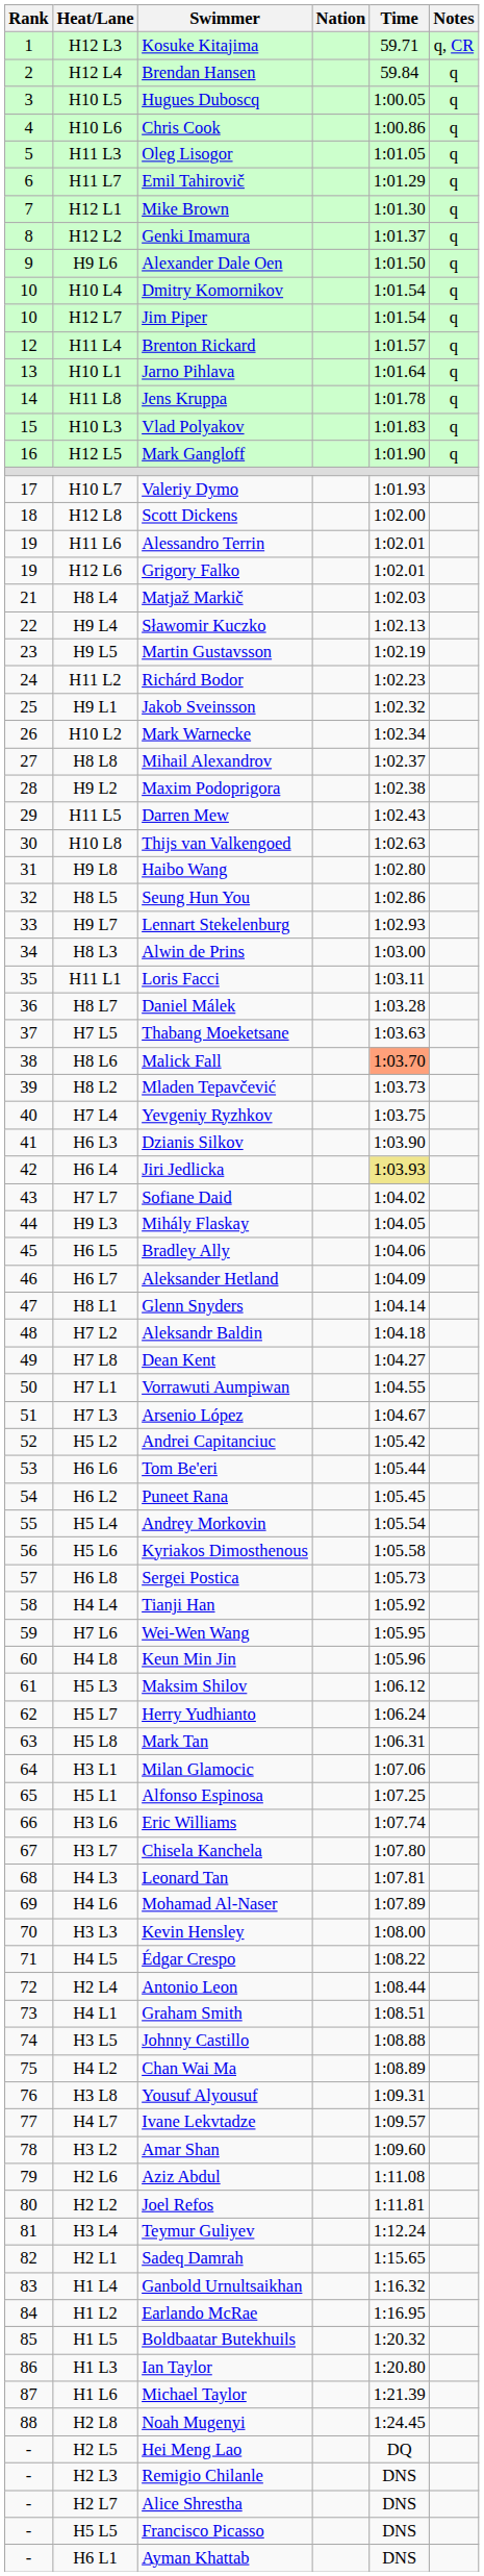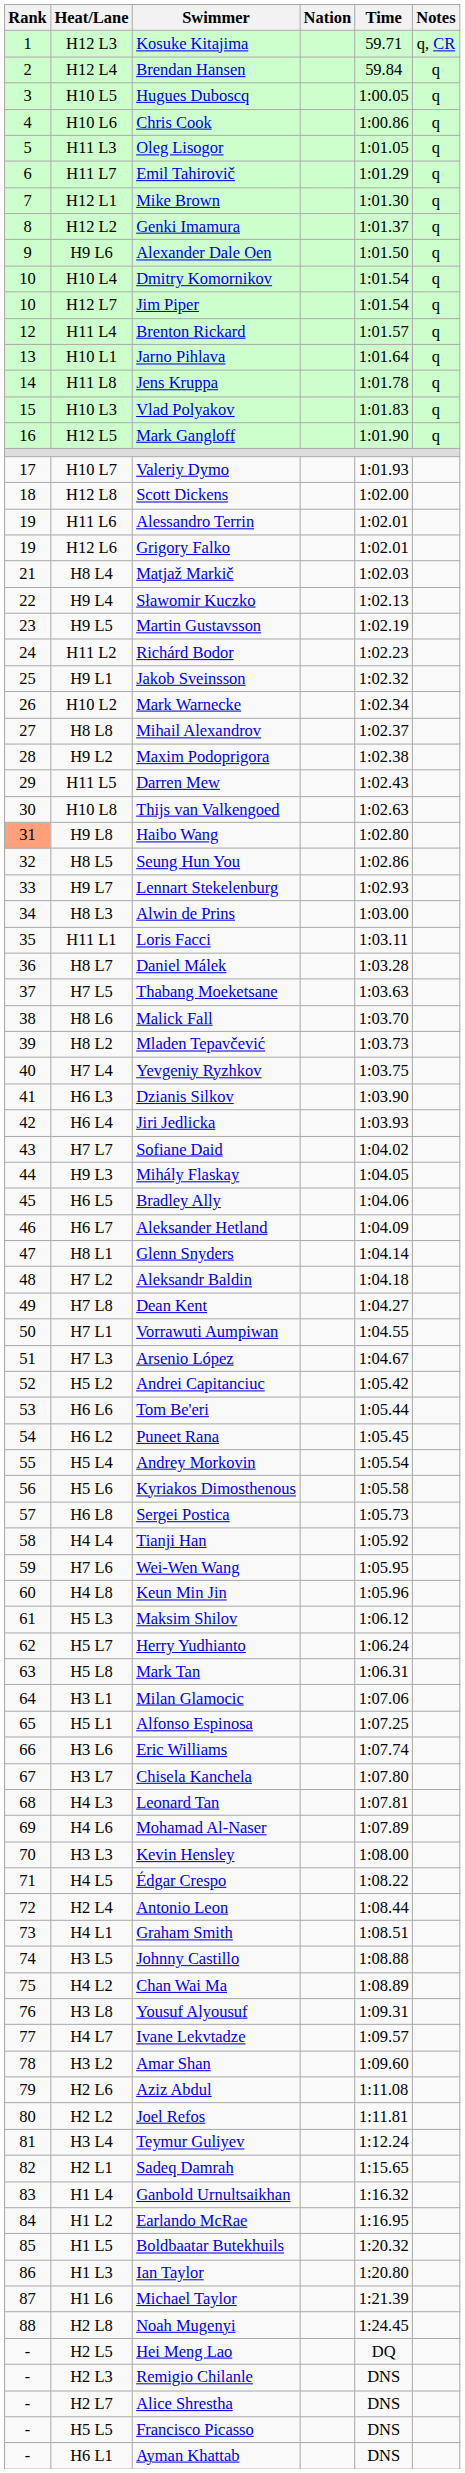 <table class="wikitable sortable" style="text-align:center">
 <tr>
 <th>Rank</th>
 <th>Heat/Lane</th>
 <th>Swimmer</th>
 <th>Nation</th>
 <th>Time</th>
 <th>Notes</th>
 </tr>
 <tr bgcolor=ccffcc>
 <td>1</td>
 <td>H12 L3</td>
 <td align=left><a href='#'>Kosuke Kitajima</a></td>
 <td align=left></td>
 <td>59.71</td>
 <td>q, <a href='#'>CR</a></td>
 </tr>
 <tr bgcolor=ccffcc>
 <td>2</td>
 <td>H12 L4</td>
 <td align=left><a href='#'>Brendan Hansen</a></td>
 <td align=left></td>
 <td>59.84</td>
 <td>q</td>
 </tr>
 <tr bgcolor=ccffcc>
 <td>3</td>
 <td>H10 L5</td>
 <td align=left><a href='#'>Hugues Duboscq</a></td>
 <td align=left></td>
 <td>1:00.05</td>
 <td>q</td>
 </tr>
 <tr bgcolor=ccffcc>
 <td>4</td>
 <td>H10 L6</td>
 <td align=left><a href='#'>Chris Cook</a></td>
 <td align=left></td>
 <td>1:00.86</td>
 <td>q</td>
 </tr>
 <tr bgcolor=ccffcc>
 <td>5</td>
 <td>H11 L3</td>
 <td align=left><a href='#'>Oleg Lisogor</a></td>
 <td align=left></td>
 <td>1:01.05</td>
 <td>q</td>
 </tr>
 <tr bgcolor=ccffcc>
 <td>6</td>
 <td>H11 L7</td>
 <td align=left><a href='#'>Emil Tahirovič</a></td>
 <td align=left></td>
 <td>1:01.29</td>
 <td>q</td>
 </tr>
 <tr bgcolor=ccffcc>
 <td>7</td>
 <td>H12 L1</td>
 <td align=left><a href='#'>Mike Brown</a></td>
 <td align=left></td>
 <td>1:01.30</td>
 <td>q</td>
 </tr>
 <tr bgcolor=ccffcc>
 <td>8</td>
 <td>H12 L2</td>
 <td align=left><a href='#'>Genki Imamura</a></td>
 <td align=left></td>
 <td>1:01.37</td>
 <td>q</td>
 </tr>
 <tr bgcolor=ccffcc>
 <td>9</td>
 <td>H9 L6</td>
 <td align=left><a href='#'>Alexander Dale Oen</a></td>
 <td align=left></td>
 <td>1:01.50</td>
 <td>q</td>
 </tr>
 <tr bgcolor=ccffcc>
 <td>10</td>
 <td>H10 L4</td>
 <td align=left><a href='#'>Dmitry Komornikov</a></td>
 <td align=left></td>
 <td>1:01.54</td>
 <td>q</td>
 </tr>
 <tr bgcolor=ccffcc>
 <td>10</td>
 <td>H12 L7</td>
 <td align=left><a href='#'>Jim Piper</a></td>
 <td align=left></td>
 <td>1:01.54</td>
 <td>q</td>
 </tr>
 <tr bgcolor=ccffcc>
 <td>12</td>
 <td>H11 L4</td>
 <td align=left><a href='#'>Brenton Rickard</a></td>
 <td align=left></td>
 <td>1:01.57</td>
 <td>q</td>
 </tr>
 <tr bgcolor=ccffcc>
 <td>13</td>
 <td>H10 L1</td>
 <td align=left><a href='#'>Jarno Pihlava</a></td>
 <td align=left></td>
 <td>1:01.64</td>
 <td>q</td>
 </tr>
 <tr bgcolor=ccffcc>
 <td>14</td>
 <td>H11 L8</td>
 <td align=left><a href='#'>Jens Kruppa</a></td>
 <td align=left></td>
 <td>1:01.78</td>
 <td>q</td>
 </tr>
 <tr bgcolor=ccffcc>
 <td>15</td>
 <td>H10 L3</td>
 <td align=left><a href='#'>Vlad Polyakov</a></td>
 <td align=left></td>
 <td>1:01.83</td>
 <td>q</td>
 </tr>
 <tr bgcolor=ccffcc>
 <td>16</td>
 <td>H12 L5</td>
 <td align=left><a href='#'>Mark Gangloff</a></td>
 <td align=left></td>
 <td>1:01.90</td>
 <td>q</td>
 </tr>
 <tr bgcolor=#DDDDDD>
 <td colspan=6></td>
 </tr>
 <tr>
 <td>17</td>
 <td>H10 L7</td>
 <td align=left><a href='#'>Valeriy Dymo</a></td>
 <td align=left></td>
 <td>1:01.93</td>
 <td></td>
 </tr>
 <tr>
 <td>18</td>
 <td>H12 L8</td>
 <td align=left><a href='#'>Scott Dickens</a></td>
 <td align=left></td>
 <td>1:02.00</td>
 <td></td>
 </tr>
 <tr>
 <td>19</td>
 <td>H11 L6</td>
 <td align=left><a href='#'>Alessandro Terrin</a></td>
 <td align=left></td>
 <td>1:02.01</td>
 <td></td>
 </tr>
 <tr>
 <td>19</td>
 <td>H12 L6</td>
 <td align=left><a href='#'>Grigory Falko</a></td>
 <td align=left></td>
 <td>1:02.01</td>
 <td></td>
 </tr>
 <tr>
 <td>21</td>
 <td>H8 L4</td>
 <td align=left><a href='#'>Matjaž Markič</a></td>
 <td align=left></td>
 <td>1:02.03</td>
 <td></td>
 </tr>
 <tr>
 <td>22</td>
 <td>H9 L4</td>
 <td align=left><a href='#'>Sławomir Kuczko</a></td>
 <td align=left></td>
 <td>1:02.13</td>
 <td></td>
 </tr>
 <tr>
 <td>23</td>
 <td>H9 L5</td>
 <td align=left><a href='#'>Martin Gustavsson</a></td>
 <td align=left></td>
 <td>1:02.19</td>
 <td></td>
 </tr>
 <tr>
 <td>24</td>
 <td>H11 L2</td>
 <td align=left><a href='#'>Richárd Bodor</a></td>
 <td align=left></td>
 <td>1:02.23</td>
 <td></td>
 </tr>
 <tr>
 <td>25</td>
 <td>H9 L1</td>
 <td align=left><a href='#'>Jakob Sveinsson</a></td>
 <td align=left></td>
 <td>1:02.32</td>
 <td></td>
 </tr>
 <tr>
 <td>26</td>
 <td>H10 L2</td>
 <td align=left><a href='#'>Mark Warnecke</a></td>
 <td align=left></td>
 <td>1:02.34</td>
 <td></td>
 </tr>
 <tr>
 <td>27</td>
 <td>H8 L8</td>
 <td align=left><a href='#'>Mihail Alexandrov</a></td>
 <td align=left></td>
 <td>1:02.37</td>
 <td></td>
 </tr>
 <tr>
 <td>28</td>
 <td>H9 L2</td>
 <td align=left><a href='#'>Maxim Podoprigora</a></td>
 <td align=left></td>
 <td>1:02.38</td>
 <td></td>
 </tr>
 <tr>
 <td>29</td>
 <td>H11 L5</td>
 <td align=left><a href='#'>Darren Mew</a></td>
 <td align=left></td>
 <td>1:02.43</td>
 <td></td>
 </tr>
 <tr>
 <td>30</td>
 <td>H10 L8</td>
 <td align=left><a href='#'>Thijs van Valkengoed</a></td>
 <td align=left></td>
 <td>1:02.63</td>
 <td></td>
 </tr>
 <tr>
-<td>31</td>
+<td style="background: lightsalmon;">31</td>
 <td>H9 L8</td>
 <td align=left><a href='#'>Haibo Wang</a></td>
 <td align=left></td>
 <td>1:02.80</td>
 <td></td>
 </tr>
 <tr>
 <td>32</td>
 <td>H8 L5</td>
 <td align=left><a href='#'>Seung Hun You</a></td>
 <td align=left></td>
 <td>1:02.86</td>
 <td></td>
 </tr>
 <tr>
 <td>33</td>
 <td>H9 L7</td>
 <td align=left><a href='#'>Lennart Stekelenburg</a></td>
 <td align=left></td>
 <td>1:02.93</td>
 <td></td>
 </tr>
 <tr>
 <td>34</td>
 <td>H8 L3</td>
 <td align=left><a href='#'>Alwin de Prins</a></td>
 <td align=left></td>
 <td>1:03.00</td>
 <td></td>
 </tr>
 <tr>
 <td>35</td>
 <td>H11 L1</td>
 <td align=left><a href='#'>Loris Facci</a></td>
 <td align=left></td>
 <td>1:03.11</td>
 <td></td>
 </tr>
 <tr>
 <td>36</td>
 <td>H8 L7</td>
 <td align=left><a href='#'>Daniel Málek</a></td>
 <td align=left></td>
 <td>1:03.28</td>
 <td></td>
 </tr>
 <tr>
 <td>37</td>
 <td>H7 L5</td>
 <td align=left><a href='#'>Thabang Moeketsane</a></td>
 <td align=left></td>
 <td>1:03.63</td>
 <td></td>
 </tr>
 <tr>
 <td>38</td>
 <td>H8 L6</td>
 <td align=left><a href='#'>Malick Fall</a></td>
 <td align=left></td>
-<td style="background: lightsalmon;">1:03.70</td>
+<td>1:03.70</td>
 <td></td>
 </tr>
 <tr>
 <td>39</td>
 <td>H8 L2</td>
 <td align=left><a href='#'>Mladen Tepavčević</a></td>
 <td align=left></td>
 <td>1:03.73</td>
 <td></td>
 </tr>
 <tr>
 <td>40</td>
 <td>H7 L4</td>
 <td align=left><a href='#'>Yevgeniy Ryzhkov</a></td>
 <td align=left></td>
 <td>1:03.75</td>
 <td></td>
 </tr>
 <tr>
 <td>41</td>
 <td>H6 L3</td>
 <td align=left><a href='#'>Dzianis Silkov</a></td>
 <td align=left></td>
 <td>1:03.90</td>
 <td></td>
 </tr>
 <tr>
 <td>42</td>
 <td>H6 L4</td>
 <td align=left><a href='#'>Jiri Jedlicka</a></td>
 <td align=left></td>
-<td style="background: khaki;">1:03.93</td>
+<td>1:03.93</td>
 <td></td>
 </tr>
 <tr>
 <td>43</td>
 <td>H7 L7</td>
 <td align=left><a href='#'>Sofiane Daid</a></td>
 <td align=left></td>
 <td>1:04.02</td>
 <td></td>
 </tr>
 <tr>
 <td>44</td>
 <td>H9 L3</td>
 <td align=left><a href='#'>Mihály Flaskay</a></td>
 <td align=left></td>
 <td>1:04.05</td>
 <td></td>
 </tr>
 <tr>
 <td>45</td>
 <td>H6 L5</td>
 <td align=left><a href='#'>Bradley Ally</a></td>
 <td align=left></td>
 <td>1:04.06</td>
 <td></td>
 </tr>
 <tr>
 <td>46</td>
 <td>H6 L7</td>
 <td align=left><a href='#'>Aleksander Hetland</a></td>
 <td align=left></td>
 <td>1:04.09</td>
 <td></td>
 </tr>
 <tr>
 <td>47</td>
 <td>H8 L1</td>
 <td align=left><a href='#'>Glenn Snyders</a></td>
 <td align=left></td>
 <td>1:04.14</td>
 <td></td>
 </tr>
 <tr>
 <td>48</td>
 <td>H7 L2</td>
 <td align=left><a href='#'>Aleksandr Baldin</a></td>
 <td align=left></td>
 <td>1:04.18</td>
 <td></td>
 </tr>
 <tr>
 <td>49</td>
 <td>H7 L8</td>
 <td align=left><a href='#'>Dean Kent</a></td>
 <td align=left></td>
 <td>1:04.27</td>
 <td></td>
 </tr>
 <tr>
 <td>50</td>
 <td>H7 L1</td>
 <td align=left><a href='#'>Vorrawuti Aumpiwan</a></td>
 <td align=left></td>
 <td>1:04.55</td>
 <td></td>
 </tr>
 <tr>
 <td>51</td>
 <td>H7 L3</td>
 <td align=left><a href='#'>Arsenio López</a></td>
 <td align=left></td>
 <td>1:04.67</td>
 <td></td>
 </tr>
 <tr>
 <td>52</td>
 <td>H5 L2</td>
 <td align=left><a href='#'>Andrei Capitanciuc</a></td>
 <td align=left></td>
 <td>1:05.42</td>
 <td></td>
 </tr>
 <tr>
 <td>53</td>
 <td>H6 L6</td>
 <td align=left><a href='#'>Tom Be'eri</a></td>
 <td align=left></td>
 <td>1:05.44</td>
 <td></td>
 </tr>
 <tr>
 <td>54</td>
 <td>H6 L2</td>
 <td align=left><a href='#'>Puneet Rana</a></td>
 <td align=left></td>
 <td>1:05.45</td>
 <td></td>
 </tr>
 <tr>
 <td>55</td>
 <td>H5 L4</td>
 <td align=left><a href='#'>Andrey Morkovin</a></td>
 <td align=left></td>
 <td>1:05.54</td>
 <td></td>
 </tr>
 <tr>
 <td>56</td>
 <td>H5 L6</td>
 <td align=left><a href='#'>Kyriakos Dimosthenous</a></td>
 <td align=left></td>
 <td>1:05.58</td>
 <td></td>
 </tr>
 <tr>
 <td>57</td>
 <td>H6 L8</td>
 <td align=left><a href='#'>Sergei Postica</a></td>
 <td align=left></td>
 <td>1:05.73</td>
 <td></td>
 </tr>
 <tr>
 <td>58</td>
 <td>H4 L4</td>
 <td align=left><a href='#'>Tianji Han</a></td>
 <td align=left></td>
 <td>1:05.92</td>
 <td></td>
 </tr>
 <tr>
 <td>59</td>
 <td>H7 L6</td>
 <td align=left><a href='#'>Wei-Wen Wang</a></td>
 <td align=left></td>
 <td>1:05.95</td>
 <td></td>
 </tr>
 <tr>
 <td>60</td>
 <td>H4 L8</td>
 <td align=left><a href='#'>Keun Min Jin</a></td>
 <td align=left></td>
 <td>1:05.96</td>
 <td></td>
 </tr>
 <tr>
 <td>61</td>
 <td>H5 L3</td>
 <td align=left><a href='#'>Maksim Shilov</a></td>
 <td align=left></td>
 <td>1:06.12</td>
 <td></td>
 </tr>
 <tr>
 <td>62</td>
 <td>H5 L7</td>
 <td align=left><a href='#'>Herry Yudhianto</a></td>
 <td align=left></td>
 <td>1:06.24</td>
 <td></td>
 </tr>
 <tr>
 <td>63</td>
 <td>H5 L8</td>
 <td align=left><a href='#'>Mark Tan</a></td>
 <td align=left></td>
 <td>1:06.31</td>
 <td></td>
 </tr>
 <tr>
 <td>64</td>
 <td>H3 L1</td>
 <td align=left><a href='#'>Milan Glamocic</a></td>
 <td align=left></td>
 <td>1:07.06</td>
 <td></td>
 </tr>
 <tr>
 <td>65</td>
 <td>H5 L1</td>
 <td align=left><a href='#'>Alfonso Espinosa</a></td>
 <td align=left></td>
 <td>1:07.25</td>
 <td></td>
 </tr>
 <tr>
 <td>66</td>
 <td>H3 L6</td>
 <td align=left><a href='#'>Eric Williams</a></td>
 <td align=left></td>
 <td>1:07.74</td>
 <td></td>
 </tr>
 <tr>
 <td>67</td>
 <td>H3 L7</td>
 <td align=left><a href='#'>Chisela Kanchela</a></td>
 <td align=left></td>
 <td>1:07.80</td>
 <td></td>
 </tr>
 <tr>
 <td>68</td>
 <td>H4 L3</td>
 <td align=left><a href='#'>Leonard Tan</a></td>
 <td align=left></td>
 <td>1:07.81</td>
 <td></td>
 </tr>
 <tr>
 <td>69</td>
 <td>H4 L6</td>
 <td align=left><a href='#'>Mohamad Al-Naser</a></td>
 <td align=left></td>
 <td>1:07.89</td>
 <td></td>
 </tr>
 <tr>
 <td>70</td>
 <td>H3 L3</td>
 <td align=left><a href='#'>Kevin Hensley</a></td>
 <td align=left></td>
 <td>1:08.00</td>
 <td></td>
 </tr>
 <tr>
 <td>71</td>
 <td>H4 L5</td>
 <td align=left><a href='#'>Édgar Crespo</a></td>
 <td align=left></td>
 <td>1:08.22</td>
 <td></td>
 </tr>
 <tr>
 <td>72</td>
 <td>H2 L4</td>
 <td align=left><a href='#'>Antonio Leon</a></td>
 <td align=left></td>
 <td>1:08.44</td>
 <td></td>
 </tr>
 <tr>
 <td>73</td>
 <td>H4 L1</td>
 <td align=left><a href='#'>Graham Smith</a></td>
 <td align=left></td>
 <td>1:08.51</td>
 <td></td>
 </tr>
 <tr>
 <td>74</td>
 <td>H3 L5</td>
 <td align=left><a href='#'>Johnny Castillo</a></td>
 <td align=left></td>
 <td>1:08.88</td>
 <td></td>
 </tr>
 <tr>
 <td>75</td>
 <td>H4 L2</td>
 <td align=left><a href='#'>Chan Wai Ma</a></td>
 <td align=left></td>
 <td>1:08.89</td>
 <td></td>
 </tr>
 <tr>
 <td>76</td>
 <td>H3 L8</td>
 <td align=left><a href='#'>Yousuf Alyousuf</a></td>
 <td align=left></td>
 <td>1:09.31</td>
 <td></td>
 </tr>
 <tr>
 <td>77</td>
 <td>H4 L7</td>
 <td align=left><a href='#'>Ivane Lekvtadze</a></td>
 <td align=left></td>
 <td>1:09.57</td>
 <td></td>
 </tr>
 <tr>
 <td>78</td>
 <td>H3 L2</td>
 <td align=left><a href='#'>Amar Shan</a></td>
 <td align=left></td>
 <td>1:09.60</td>
 <td></td>
 </tr>
 <tr>
 <td>79</td>
 <td>H2 L6</td>
 <td align=left><a href='#'>Aziz Abdul</a></td>
 <td align=left></td>
 <td>1:11.08</td>
 <td></td>
 </tr>
 <tr>
 <td>80</td>
 <td>H2 L2</td>
 <td align=left><a href='#'>Joel Refos</a></td>
 <td align=left></td>
 <td>1:11.81</td>
 <td></td>
 </tr>
 <tr>
 <td>81</td>
 <td>H3 L4</td>
 <td align=left><a href='#'>Teymur Guliyev</a></td>
 <td align=left></td>
 <td>1:12.24</td>
 <td></td>
 </tr>
 <tr>
 <td>82</td>
 <td>H2 L1</td>
 <td align=left><a href='#'>Sadeq Damrah</a></td>
 <td align=left></td>
 <td>1:15.65</td>
 <td></td>
 </tr>
 <tr>
 <td>83</td>
 <td>H1 L4</td>
 <td align=left><a href='#'>Ganbold Urnultsaikhan</a></td>
 <td align=left></td>
 <td>1:16.32</td>
 <td></td>
 </tr>
 <tr>
 <td>84</td>
 <td>H1 L2</td>
 <td align=left><a href='#'>Earlando McRae</a></td>
 <td align=left></td>
 <td>1:16.95</td>
 <td></td>
 </tr>
 <tr>
 <td>85</td>
 <td>H1 L5</td>
 <td align=left><a href='#'>Boldbaatar Butekhuils</a></td>
 <td align=left></td>
 <td>1:20.32</td>
 <td></td>
 </tr>
 <tr>
 <td>86</td>
 <td>H1 L3</td>
 <td align=left><a href='#'>Ian Taylor</a></td>
 <td align=left></td>
 <td>1:20.80</td>
 <td></td>
 </tr>
 <tr>
 <td>87</td>
 <td>H1 L6</td>
 <td align=left><a href='#'>Michael Taylor</a></td>
 <td align=left></td>
 <td>1:21.39</td>
 <td></td>
 </tr>
 <tr>
 <td>88</td>
 <td>H2 L8</td>
 <td align=left><a href='#'>Noah Mugenyi</a></td>
 <td align=left></td>
 <td>1:24.45</td>
 <td></td>
 </tr>
 <tr>
 <td>-</td>
 <td>H2 L5</td>
 <td align=left><a href='#'>Hei Meng Lao</a></td>
 <td align=left></td>
 <td>DQ</td>
 <td></td>
 </tr>
 <tr>
 <td>-</td>
 <td>H2 L3</td>
 <td align=left><a href='#'>Remigio Chilanle</a></td>
 <td align=left></td>
 <td>DNS</td>
 <td></td>
 </tr>
 <tr>
 <td>-</td>
 <td>H2 L7</td>
 <td align=left><a href='#'>Alice Shrestha</a></td>
 <td align=left></td>
 <td>DNS</td>
 <td></td>
 </tr>
 <tr>
 <td>-</td>
 <td>H5 L5</td>
 <td align=left><a href='#'>Francisco Picasso</a></td>
 <td align=left></td>
 <td>DNS</td>
 <td></td>
 </tr>
 <tr>
 <td>-</td>
 <td>H6 L1</td>
 <td align=left><a href='#'>Ayman Khattab</a></td>
 <td align=left></td>
 <td>DNS</td>
 <td></td>
 </tr>
 <tr>
 </tr>
 </table>
